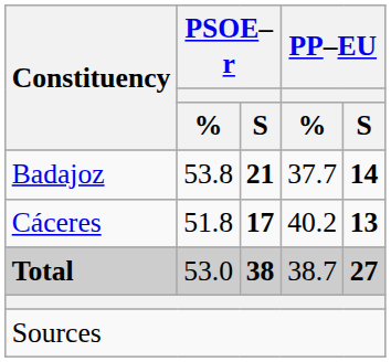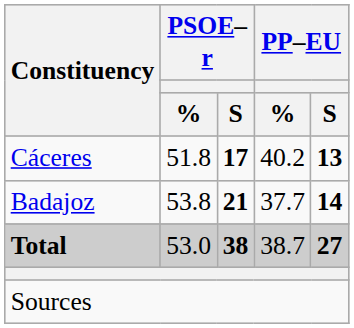 <table class="wikitable sortable" style="text-align:right; line-height:20px;">
 <tr>
 <th rowspan="3">Constituency</th>
 <th colspan="2" width="30px" class="unsortable"><a href='#'>PSOE</a>–<a href='#'>r</a></th>
 <th colspan="2" width="30px" class="unsortable"><a href='#'>PP</a>–<a href='#'>EU</a></th>
 </tr>
 <tr>
 <th colspan="2" style="background:"></th>
 <th colspan="2" style="background:"></th>
 </tr>
 <tr>
 <th data-sort-type="number">%</th>
 <th data-sort-type="number">S</th>
 <th data-sort-type="number">%</th>
 <th data-sort-type="number">S</th>
 </tr>
 <tr>
+<td align="left"><a href='#'>Cáceres</a></td>
+<td style="background:">51.8</td>
+<td><strong>17</strong></td>
+<td>40.2</td>
+<td><strong>13</strong></td>
+</tr>
+<tr>
 <td align="left"><a href='#'>Badajoz</a></td>
 <td style="background:">53.8</td>
 <td><strong>21</strong></td>
 <td>37.7</td>
 <td><strong>14</strong></td>
-</tr>
-<tr>
-<td align="left"><a href='#'>Cáceres</a></td>
-<td style="background:">51.8</td>
-<td><strong>17</strong></td>
-<td>40.2</td>
-<td><strong>13</strong></td>
 </tr>
 <tr style="background:#CDCDCD;">
 <td align="left"><strong>Total</strong></td>
 <td style="background:">53.0</td>
 <td><strong>38</strong></td>
 <td>38.7</td>
 <td><strong>27</strong></td>
 </tr>
 <tr>
 <th colspan="5"></th>
 </tr>
 <tr>
 <th style="text-align:left; font-weight:normal; background:#F9F9F9" colspan="5">Sources</th>
 </tr>
 </table>
